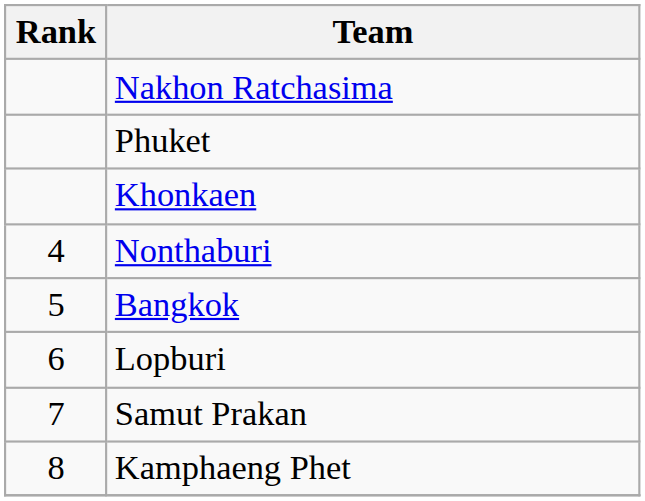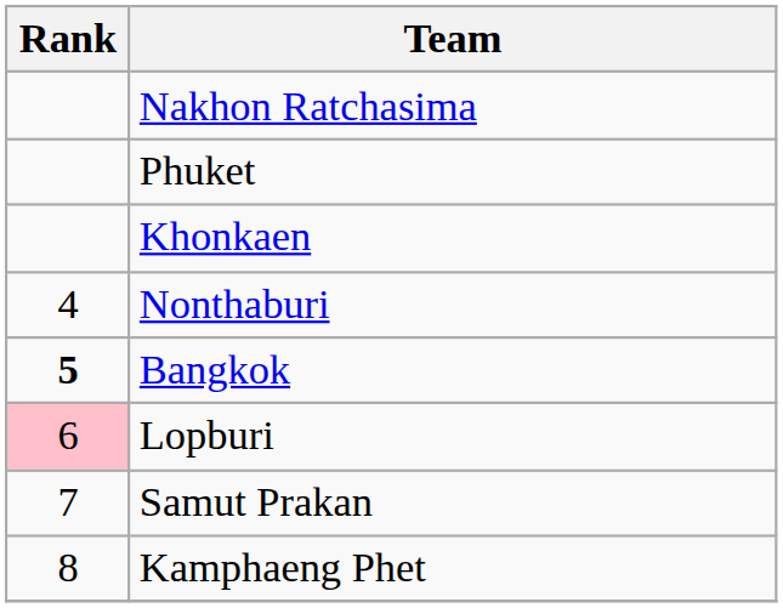 <table class="wikitable" style="text-align: center;">
 <tr>
 <th width=40>Rank</th>
 <th width=240>Team</th>
 </tr>
 <tr>
 <td></td>
 <td align=left><a href='#'>Nakhon Ratchasima</a></td>
 </tr>
 <tr>
 <td></td>
 <td align=left>Phuket</td>
 </tr>
 <tr>
 <td></td>
 <td align=left><a href='#'>Khonkaen</a></td>
 </tr>
 <tr>
 <td>4</td>
 <td align=left><a href='#'>Nonthaburi</a></td>
 </tr>
 <tr>
-<td>5</td>
+<td><strong>5</strong></td>
 <td align=left><a href='#'>Bangkok</a></td>
 </tr>
 <tr>
-<td>6</td>
+<td style="background: pink;">6</td>
 <td align=left>Lopburi</td>
 </tr>
 <tr>
 <td>7</td>
 <td align=left>Samut Prakan</td>
 </tr>
 <tr>
 <td>8</td>
 <td align=left>Kamphaeng Phet</td>
 </tr>
 <tr>
 </tr>
 </table>
